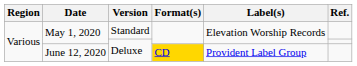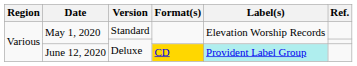 <table class="wikitable plainrowheaders">
 <tr>
 <th scope="col">Region</th>
 <th scope="col">Date</th>
 <th scope="col">Version</th>
 <th scope="col">Format(s)</th>
 <th scope="col">Label(s)</th>
 <th scope="col">Ref.</th>
 </tr>
 <tr>
 <td rowspan="3">Various</td>
 <td rowspan="2">May 1, 2020</td>
 <td>Standard</td>
 <td rowspan="2"></td>
 <td rowspan="2">Elevation Worship Records</td>
 <td></td>
 </tr>
 <tr>
 <td rowspan="2">Deluxe</td>
 <td></td>
 </tr>
 <tr>
 <td>June 12, 2020</td>
 <td style="background: gold;"><a href='#'>CD</a></td>
-<td><a href='#'>Provident Label Group</a></td>
+<td style="background: paleturquoise;"><a href='#'>Provident Label Group</a></td>
 <td></td>
 </tr>
 </table>
